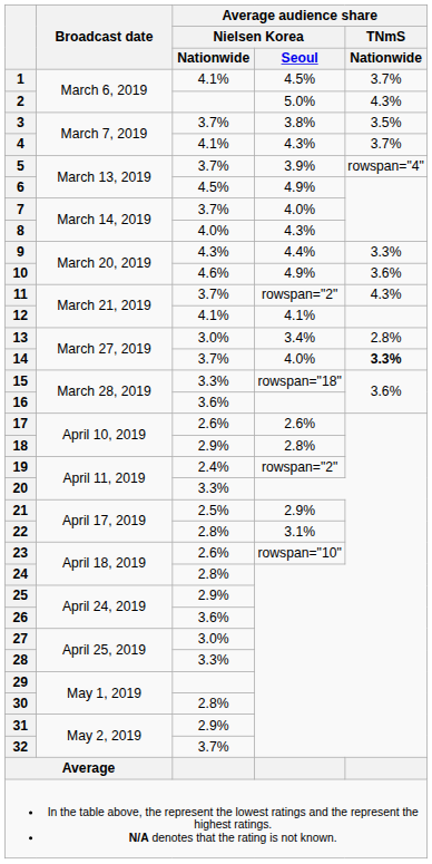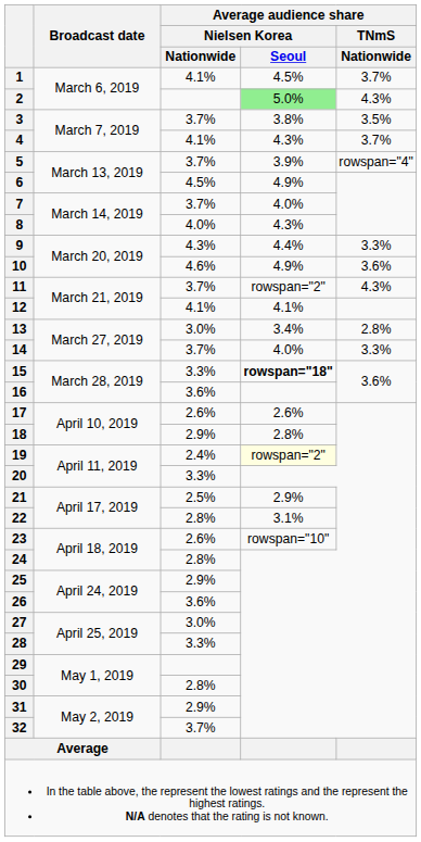 <table class="wikitable" style="text-align:center; width:500px">
 <tr>
 <th rowspan="3"></th>
 <th rowspan="3">Broadcast date</th>
 <th colspan="3">Average audience share</th>
 </tr>
 <tr>
 <th colspan="2">Nielsen Korea</th>
 <th>TNmS</th>
 </tr>
 <tr>
 <th width="90">Nationwide</th>
 <th width="90"><a href='#'>Seoul</a></th>
 <th width="90">Nationwide</th>
 </tr>
 <tr>
 <th>1</th>
 <td rowspan="2">March 6, 2019</td>
 <td>4.1%</td>
 <td>4.5%</td>
 <td>3.7%</td>
 </tr>
 <tr>
 <th>2</th>
 <td></td>
-<td>5.0%</td>
+<td style="background: lightgreen;">5.0%</td>
 <td>4.3%</td>
 </tr>
 <tr>
 <th>3</th>
 <td rowspan="2">March 7, 2019</td>
 <td>3.7%</td>
 <td>3.8%</td>
 <td>3.5%</td>
 </tr>
 <tr>
 <th>4</th>
 <td>4.1%</td>
 <td>4.3%</td>
 <td>3.7%</td>
 </tr>
 <tr>
 <th>5</th>
 <td rowspan="2">March 13, 2019</td>
 <td>3.7%</td>
 <td>3.9%</td>
 <td>rowspan="4" </td>
 </tr>
 <tr>
 <th>6</th>
 <td>4.5%</td>
 <td>4.9%</td>
 </tr>
 <tr>
 <th>7</th>
 <td rowspan="2">March 14, 2019</td>
 <td>3.7%</td>
 <td>4.0%</td>
 </tr>
 <tr>
 <th>8</th>
 <td>4.0%</td>
 <td>4.3%</td>
 </tr>
 <tr>
 <th>9</th>
 <td rowspan="2">March 20, 2019</td>
 <td>4.3%</td>
 <td>4.4%</td>
 <td>3.3%</td>
 </tr>
 <tr>
 <th>10</th>
 <td>4.6%</td>
 <td>4.9%</td>
 <td>3.6%</td>
 </tr>
 <tr>
 <th>11</th>
 <td rowspan="2">March 21, 2019</td>
 <td>3.7%</td>
 <td>rowspan="2" </td>
 <td>4.3%</td>
 </tr>
 <tr>
 <th>12</th>
 <td>4.1%</td>
 <td>4.1%</td>
 </tr>
 <tr>
 <th>13</th>
 <td rowspan="2">March 27, 2019</td>
 <td>3.0%</td>
 <td>3.4%</td>
 <td>2.8%</td>
 </tr>
 <tr>
 <th>14</th>
 <td>3.7%</td>
 <td>4.0%</td>
-<td><strong>3.3%</strong></td>
+<td>3.3%</td>
 </tr>
 <tr>
 <th>15</th>
 <td rowspan="2">March 28, 2019</td>
 <td>3.3%</td>
-<td>rowspan="18" </td>
+<td><strong>rowspan="18" </strong></td>
 <td rowspan="2">3.6%</td>
 </tr>
 <tr>
 <th>16</th>
 <td>3.6%</td>
 </tr>
 <tr>
 <th>17</th>
 <td rowspan="2">April 10, 2019</td>
 <td>2.6%</td>
 <td>2.6%</td>
 </tr>
 <tr>
 <th>18</th>
 <td>2.9%</td>
 <td>2.8%</td>
 </tr>
 <tr>
 <th>19</th>
 <td rowspan="2">April 11, 2019</td>
 <td>2.4%</td>
-<td>rowspan="2" </td>
+<td style="background: lightyellow;">rowspan="2" </td>
 </tr>
 <tr>
 <th>20</th>
 <td>3.3%</td>
 </tr>
 <tr>
 <th>21</th>
 <td rowspan="2">April 17, 2019</td>
 <td>2.5%</td>
 <td>2.9%</td>
 </tr>
 <tr>
 <th>22</th>
 <td>2.8%</td>
 <td>3.1%</td>
 </tr>
 <tr>
 <th>23</th>
 <td rowspan="2">April 18, 2019</td>
 <td>2.6%</td>
 <td>rowspan="10" </td>
 </tr>
 <tr>
 <th>24</th>
 <td>2.8%</td>
 </tr>
 <tr>
 <th>25</th>
 <td rowspan="2">April 24, 2019</td>
 <td>2.9%</td>
 </tr>
 <tr>
 <th>26</th>
 <td>3.6%</td>
 </tr>
 <tr>
 <th>27</th>
 <td rowspan="2">April 25, 2019</td>
 <td>3.0%</td>
 </tr>
 <tr>
 <th>28</th>
 <td>3.3%</td>
 </tr>
 <tr>
 <th>29</th>
 <td rowspan="2">May 1, 2019</td>
 <td></td>
 </tr>
 <tr>
 <th>30</th>
 <td>2.8%</td>
 </tr>
 <tr>
 <th>31</th>
 <td rowspan="2">May 2, 2019</td>
 <td>2.9%</td>
 </tr>
 <tr>
 <th>32</th>
 <td>3.7%</td>
 </tr>
 <tr>
 <th colspan="2">Average</th>
 <th></th>
 <th></th>
 <th></th>
 </tr>
 <tr>
 <td colspan="5" style="font-size:85%"><br><ul><li>In the table above, the <strong></strong> represent the lowest ratings and the <strong></strong> represent the highest ratings.</li><li><strong>N/A</strong> denotes that the rating is not known.</li></ul></td>
 </tr>
 </table>
